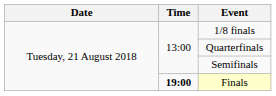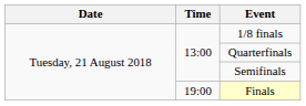 <table class = "wikitable" style="text-align:center;">
 <tr>
 <th width=220>Date</th>
 <th width=50>Time</th>
 <th width=100>Event</th>
 </tr>
 <tr>
 <td rowspan=4>Tuesday, 21 August 2018</td>
 <td rowspan=3>13:00</td>
 <td>1/8 finals</td>
 </tr>
 <tr>
 <td>Quarterfinals</td>
 </tr>
 <tr>
 <td>Semifinals</td>
 </tr>
 <tr>
-<td><strong>19:00</strong></td>
+<td>19:00</td>
 <td bgcolor=ffffcc>Finals</td>
 </tr>
 </table>
